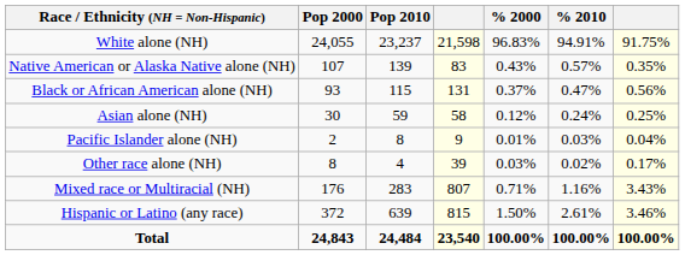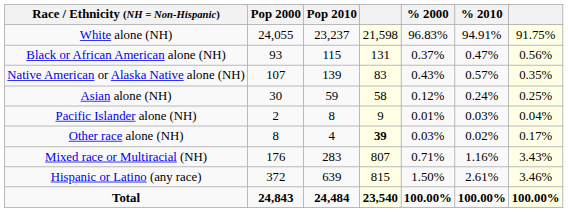 <table class="wikitable" style="text-align:center;">
 <tr>
 <th>Race / Ethnicity <small>(<em>NH = Non-Hispanic</em>)</small></th>
 <th>Pop 2000</th>
 <th>Pop 2010</th>
 <th></th>
 <th>% 2000</th>
 <th>% 2010</th>
 <th></th>
 </tr>
 <tr>
 <td><a href='#'>White</a> alone (NH)</td>
 <td>24,055</td>
 <td>23,237</td>
 <td style='background: #ffffe6;'>21,598</td>
 <td>96.83%</td>
 <td>94.91%</td>
 <td style='background: #ffffe6;'>91.75%</td>
 </tr>
 <tr>
+<td><a href='#'>Black or African American</a> alone (NH)</td>
+<td>93</td>
+<td>115</td>
+<td style='background: #ffffe6;'>131</td>
+<td>0.37%</td>
+<td>0.47%</td>
+<td style='background: #ffffe6;'>0.56%</td>
+</tr>
+<tr>
 <td><a href='#'>Native American</a> or <a href='#'>Alaska Native</a> alone (NH)</td>
 <td>107</td>
 <td>139</td>
 <td style='background: #ffffe6;'>83</td>
 <td>0.43%</td>
 <td>0.57%</td>
 <td style='background: #ffffe6;'>0.35%</td>
-</tr>
-<tr>
-<td><a href='#'>Black or African American</a> alone (NH)</td>
-<td>93</td>
-<td>115</td>
-<td style='background: #ffffe6;'>131</td>
-<td>0.37%</td>
-<td>0.47%</td>
-<td style='background: #ffffe6;'>0.56%</td>
 </tr>
 <tr>
 <td><a href='#'>Asian</a> alone (NH)</td>
 <td>30</td>
 <td>59</td>
 <td style='background: #ffffe6;'>58</td>
 <td>0.12%</td>
 <td>0.24%</td>
 <td style='background: #ffffe6;'>0.25%</td>
 </tr>
 <tr>
 <td><a href='#'>Pacific Islander</a> alone (NH)</td>
 <td>2</td>
 <td>8</td>
 <td style='background: #ffffe6;'>9</td>
 <td>0.01%</td>
 <td>0.03%</td>
 <td style='background: #ffffe6;'>0.04%</td>
 </tr>
 <tr>
 <td><a href='#'>Other race</a> alone (NH)</td>
 <td>8</td>
 <td>4</td>
-<td style='background: #ffffe6;'>39</td>
+<td style='background: #ffffe6;'><strong>39</strong></td>
 <td>0.03%</td>
 <td>0.02%</td>
 <td style='background: #ffffe6;'>0.17%</td>
 </tr>
 <tr>
 <td><a href='#'>Mixed race or Multiracial</a> (NH)</td>
 <td>176</td>
 <td>283</td>
 <td style='background: #ffffe6;'>807</td>
 <td>0.71%</td>
 <td>1.16%</td>
 <td style='background: #ffffe6;'>3.43%</td>
 </tr>
 <tr>
 <td><a href='#'>Hispanic or Latino</a> (any race)</td>
 <td>372</td>
 <td>639</td>
 <td style='background: #ffffe6;'>815</td>
 <td>1.50%</td>
 <td>2.61%</td>
 <td style='background: #ffffe6;'>3.46%</td>
 </tr>
 <tr>
 <td><strong>Total</strong></td>
 <td><strong>24,843</strong></td>
 <td><strong>24,484</strong></td>
 <td style='background: #ffffe6;'><strong>23,540</strong></td>
 <td><strong>100.00%</strong></td>
 <td><strong>100.00%</strong></td>
 <td style='background: #ffffe6;'><strong>100.00%</strong></td>
 </tr>
 </table>
